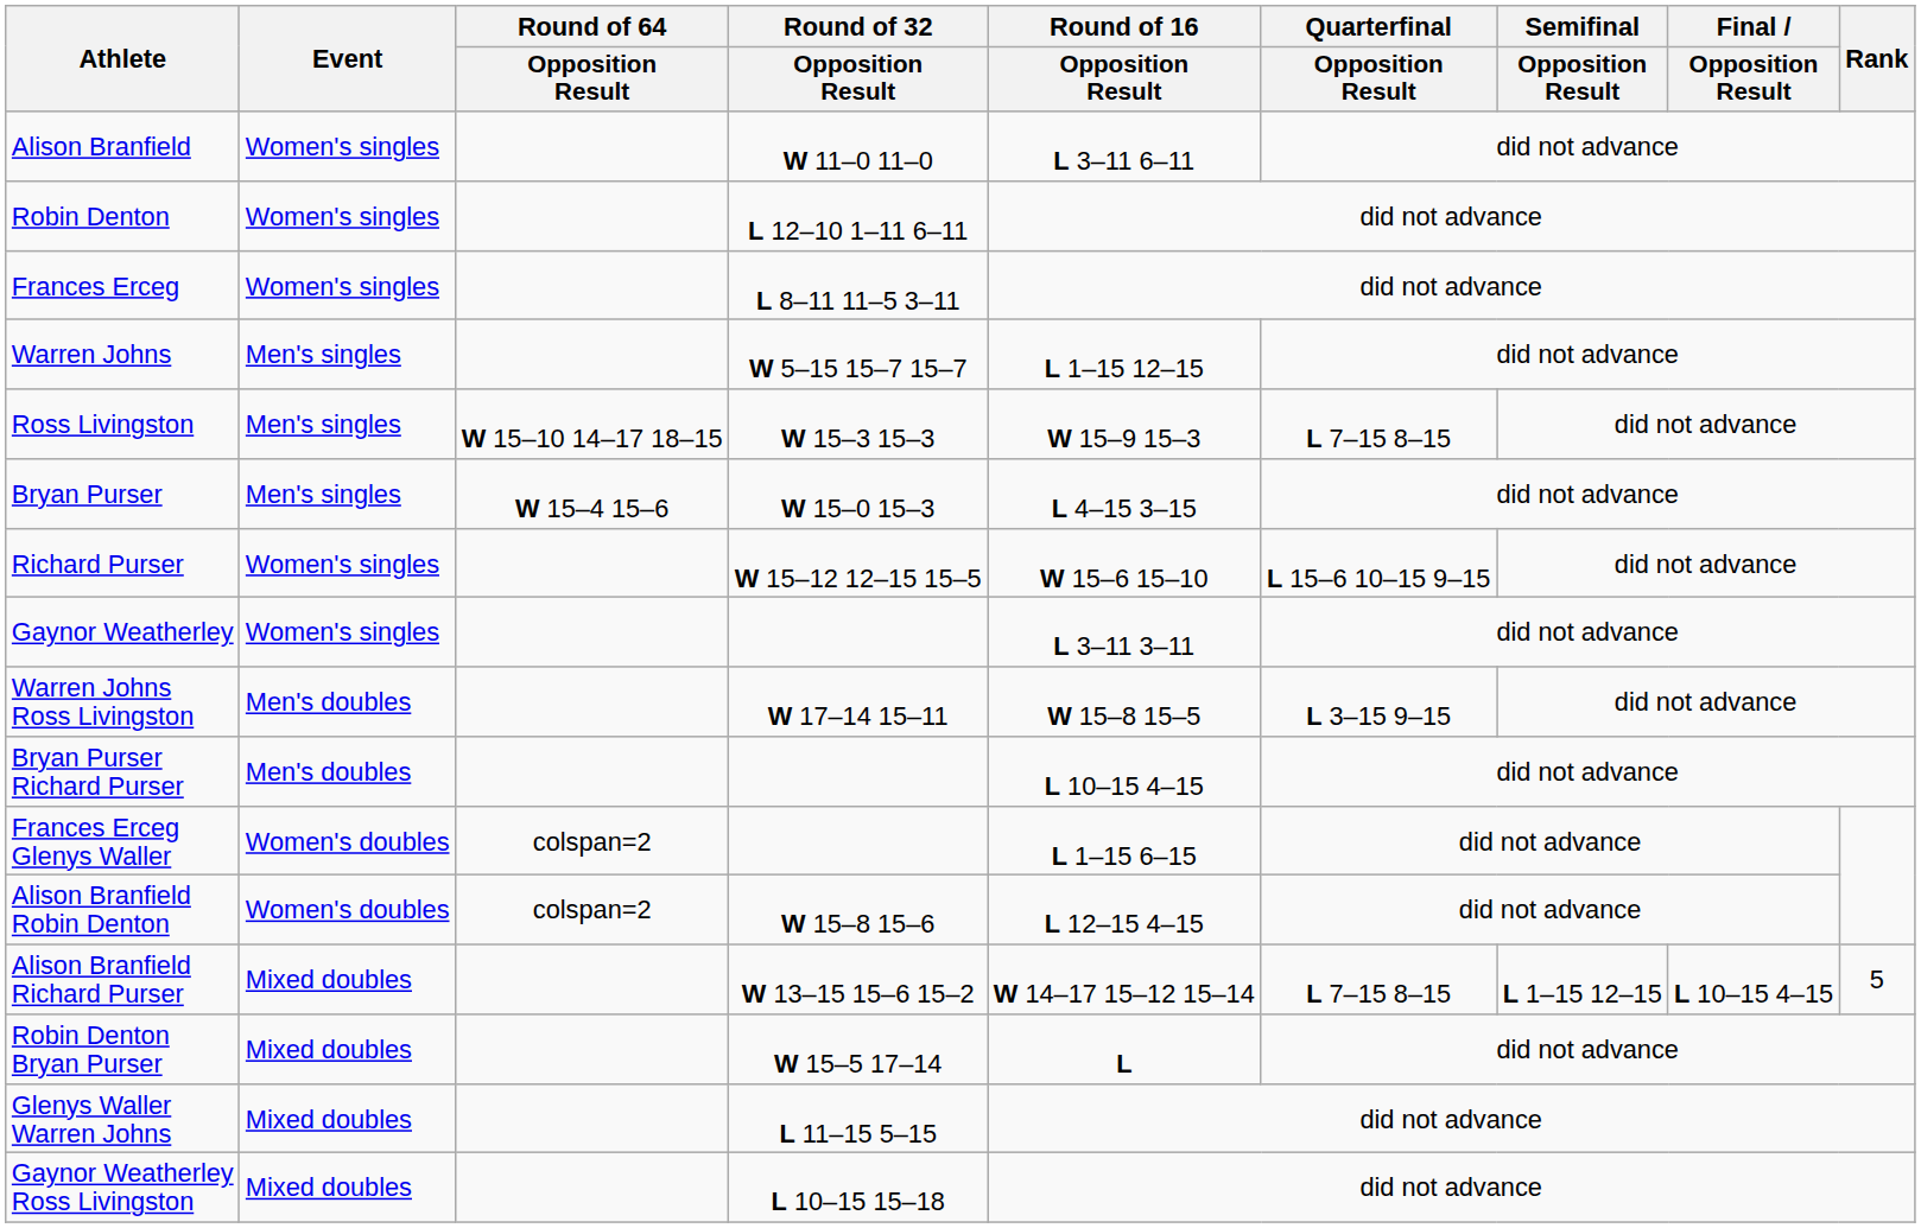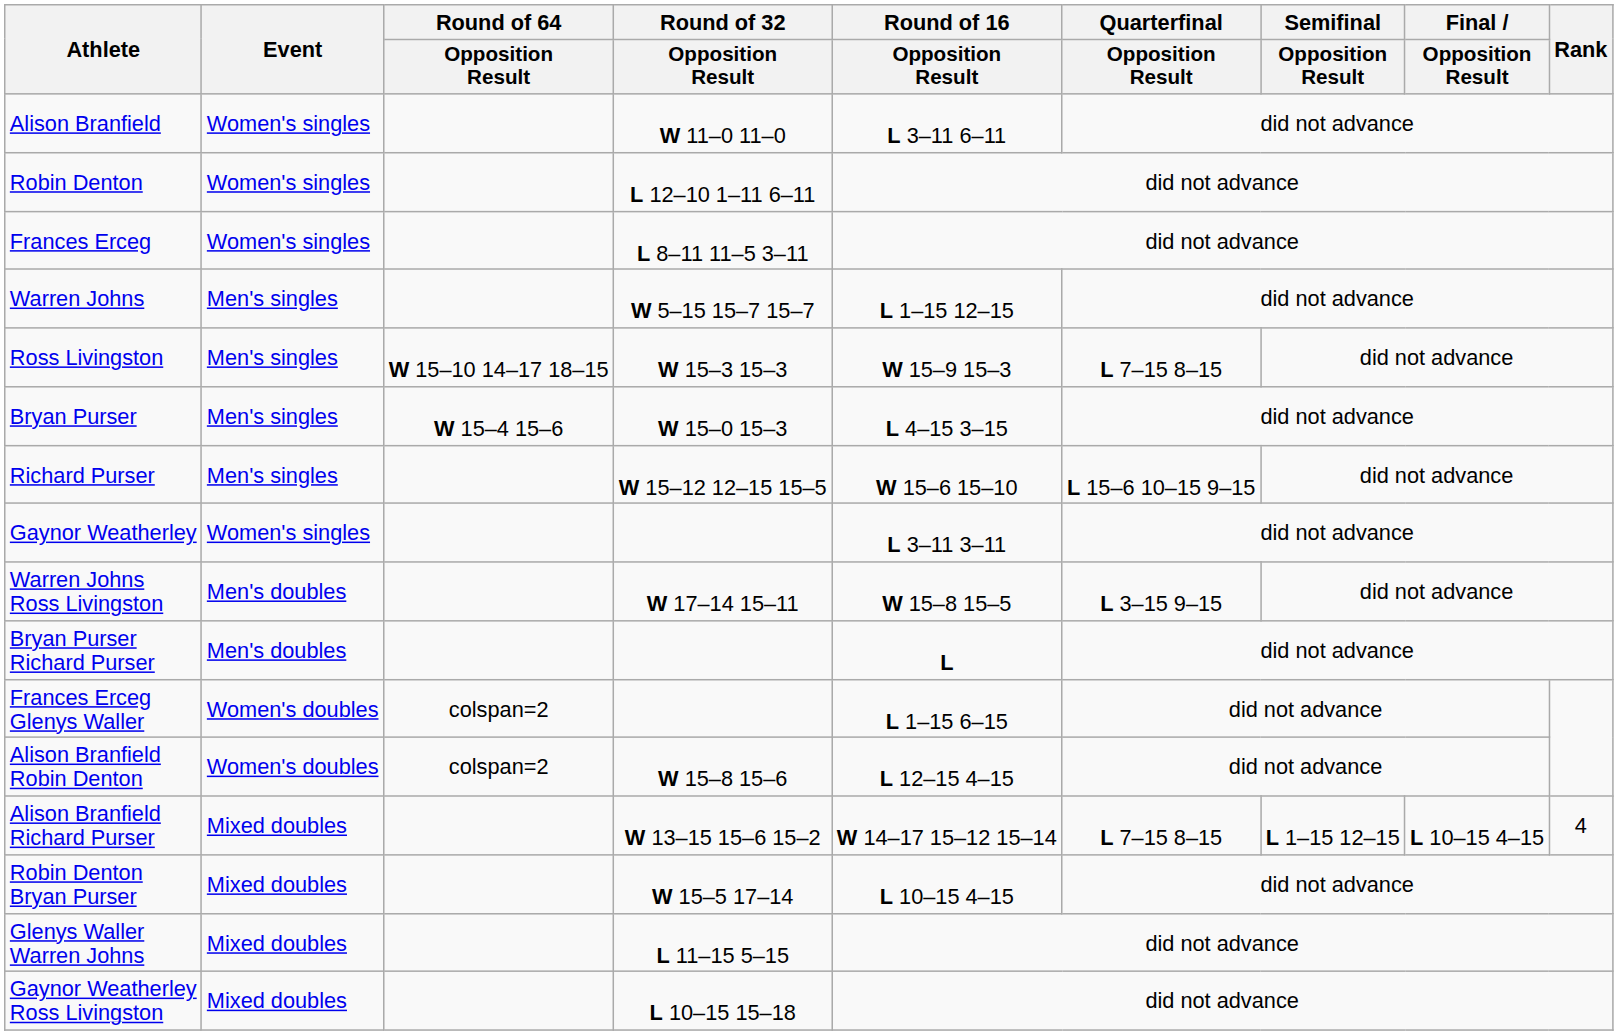 <table class="wikitable" style="font-size:90%">
 <tr>
 <th rowspan="2">Athlete</th>
 <th rowspan="2">Event</th>
 <th>Round of 64</th>
 <th>Round of 32</th>
 <th>Round of 16</th>
 <th>Quarterfinal</th>
 <th>Semifinal</th>
 <th>Final / </th>
 <th rowspan="2">Rank</th>
 </tr>
 <tr style="font-size:95%">
 <th>Opposition<br>Result</th>
 <th>Opposition<br>Result</th>
 <th>Opposition<br>Result</th>
 <th>Opposition<br>Result</th>
 <th>Opposition<br>Result</th>
 <th>Opposition<br>Result</th>
 </tr>
 <tr align=center>
 <td align=left><a href='#'>Alison Branfield</a></td>
 <td align=left><a href='#'>Women's singles</a></td>
 <td></td>
 <td><br><strong>W</strong> 11–0 11–0</td>
 <td><br><strong>L</strong> 3–11 6–11</td>
 <td colspan=4>did not advance</td>
 </tr>
 <tr align=center>
 <td align=left><a href='#'>Robin Denton</a></td>
 <td align=left><a href='#'>Women's singles</a></td>
 <td></td>
 <td><br><strong>L</strong> 12–10 1–11 6–11</td>
 <td colspan=5>did not advance</td>
 </tr>
 <tr align=center>
 <td align=left><a href='#'>Frances Erceg</a></td>
 <td align=left><a href='#'>Women's singles</a></td>
 <td></td>
 <td><br><strong>L</strong> 8–11 11–5 3–11</td>
 <td colspan=5>did not advance</td>
 </tr>
 <tr align=center>
 <td align=left><a href='#'>Warren Johns</a></td>
 <td align=left><a href='#'>Men's singles</a></td>
 <td></td>
 <td><br><strong>W</strong> 5–15 15–7 15–7</td>
 <td><br><strong>L</strong> 1–15 12–15</td>
 <td colspan=4>did not advance</td>
 </tr>
 <tr align=center>
 <td align=left><a href='#'>Ross Livingston</a></td>
 <td align=left><a href='#'>Men's singles</a></td>
 <td><br><strong>W</strong> 15–10 14–17 18–15</td>
 <td><br><strong>W</strong> 15–3 15–3</td>
 <td><br><strong>W</strong> 15–9 15–3</td>
 <td><br><strong>L</strong> 7–15 8–15</td>
 <td colspan=3>did not advance</td>
 </tr>
 <tr align=center>
 <td align=left><a href='#'>Bryan Purser</a></td>
 <td align=left><a href='#'>Men's singles</a></td>
 <td><br><strong>W</strong> 15–4 15–6</td>
 <td><br><strong>W</strong> 15–0 15–3</td>
 <td><br><strong>L</strong> 4–15 3–15</td>
 <td colspan=4>did not advance</td>
 </tr>
 <tr align=center>
 <td align=left><a href='#'>Richard Purser</a></td>
-<td align=left><a href='#'>Women's singles</a></td>
+<td align=left><a href='#'>Men's singles</a></td>
 <td></td>
 <td><br><strong>W</strong> 15–12 12–15 15–5</td>
 <td><br><strong>W</strong> 15–6 15–10</td>
 <td><br><strong>L</strong> 15–6 10–15 9–15</td>
 <td colspan=3>did not advance</td>
 </tr>
 <tr align=center>
 <td align=left><a href='#'>Gaynor Weatherley</a></td>
 <td align=left><a href='#'>Women's singles</a></td>
 <td></td>
 <td></td>
 <td><br><strong>L</strong> 3–11 3–11</td>
 <td colspan=4>did not advance</td>
 </tr>
 <tr align=center>
 <td align=left><a href='#'>Warren Johns</a><br><a href='#'>Ross Livingston</a></td>
 <td align=left><a href='#'>Men's doubles</a></td>
 <td></td>
 <td><br><strong>W</strong> 17–14 15–11</td>
 <td><br><strong>W</strong> 15–8 15–5</td>
 <td><br><strong>L</strong> 3–15 9–15</td>
 <td colspan=3>did not advance</td>
 </tr>
 <tr align=center>
 <td align=left><a href='#'>Bryan Purser</a><br><a href='#'>Richard Purser</a></td>
 <td align=left><a href='#'>Men's doubles</a></td>
 <td></td>
 <td></td>
-<td><br><strong>L</strong> 10–15 4–15</td>
+<td><br><strong>L</strong></td>
 <td colspan=4>did not advance</td>
 </tr>
 <tr align=center>
 <td align=left><a href='#'>Frances Erceg</a><br><a href='#'>Glenys Waller</a></td>
 <td align=left><a href='#'>Women's doubles</a></td>
 <td>colspan=2 </td>
 <td></td>
 <td><br><strong>L</strong> 1–15 6–15</td>
 <td colspan=3>did not advance</td>
 </tr>
 <tr align=center>
 <td align=left><a href='#'>Alison Branfield</a><br><a href='#'>Robin Denton</a></td>
 <td align=left><a href='#'>Women's doubles</a></td>
 <td>colspan=2 </td>
 <td><br><strong>W</strong> 15–8 15–6</td>
 <td><br><strong>L</strong> 12–15 4–15</td>
 <td colspan=3>did not advance</td>
 </tr>
 <tr align=center>
 <td align=left><a href='#'>Alison Branfield</a><br><a href='#'>Richard Purser</a></td>
 <td align=left><a href='#'>Mixed doubles</a></td>
 <td></td>
 <td><br><strong>W</strong> 13–15 15–6 15–2</td>
 <td><br><strong>W</strong> 14–17 15–12 15–14</td>
 <td><br><strong>L</strong> 7–15 8–15</td>
 <td><br><strong>L</strong> 1–15 12–15</td>
 <td><br><strong>L</strong> 10–15 4–15</td>
-<td>5</td>
+<td>4</td>
 </tr>
 <tr align=center>
 <td align=left><a href='#'>Robin Denton</a><br><a href='#'>Bryan Purser</a></td>
 <td align=left><a href='#'>Mixed doubles</a></td>
 <td></td>
 <td><br><strong>W</strong> 15–5 17–14</td>
-<td><br><strong>L</strong></td>
+<td><br><strong>L</strong> 10–15 4–15</td>
 <td colspan=4>did not advance</td>
 </tr>
 <tr align=center>
 <td align=left><a href='#'>Glenys Waller</a><br><a href='#'>Warren Johns</a></td>
 <td align=left><a href='#'>Mixed doubles</a></td>
 <td></td>
 <td><br><strong>L</strong> 11–15 5–15</td>
 <td colspan=5>did not advance</td>
 </tr>
 <tr align=center>
 <td align=left><a href='#'>Gaynor Weatherley</a><br><a href='#'>Ross Livingston</a></td>
 <td align=left><a href='#'>Mixed doubles</a></td>
 <td></td>
 <td><br><strong>L</strong> 10–15 15–18</td>
 <td colspan=5>did not advance</td>
 </tr>
 </table>
